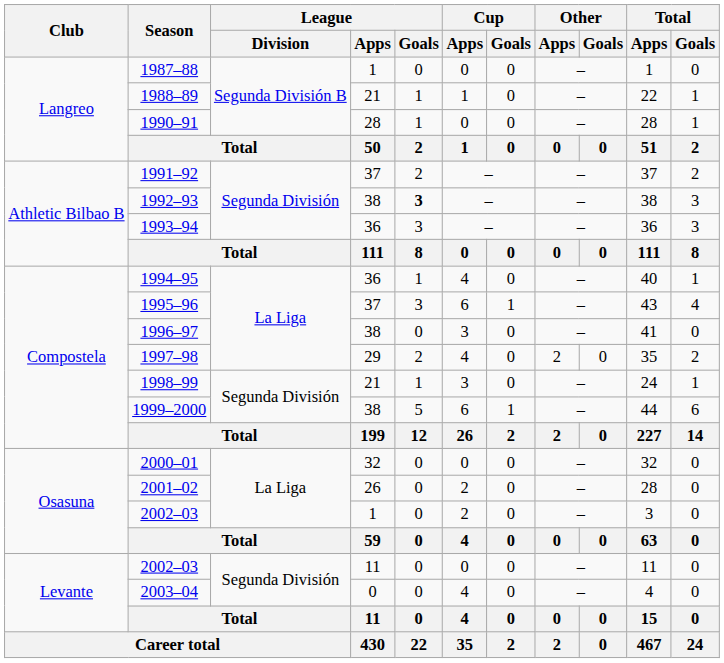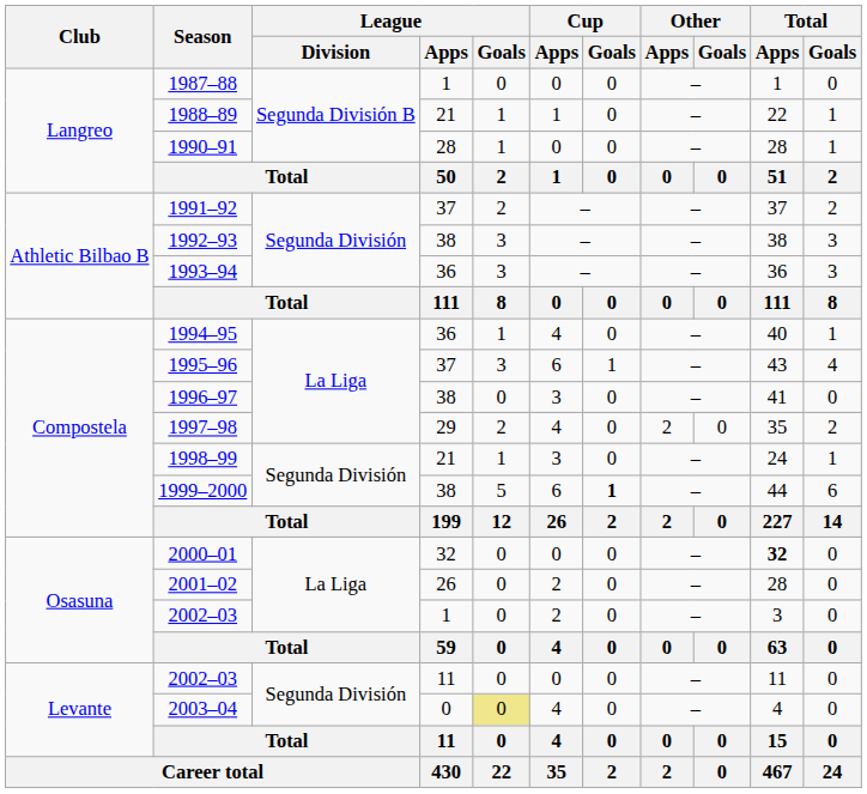 <table class="wikitable" style="text-align:center">
 <tr>
 <th rowspan="2">Club</th>
 <th rowspan="2">Season</th>
 <th colspan="3">League</th>
 <th colspan="2">Cup</th>
 <th colspan="2">Other</th>
 <th colspan="2">Total</th>
 </tr>
 <tr>
 <th>Division</th>
 <th>Apps</th>
 <th>Goals</th>
 <th>Apps</th>
 <th>Goals</th>
 <th>Apps</th>
 <th>Goals</th>
 <th>Apps</th>
 <th>Goals</th>
 </tr>
 <tr>
 <td rowspan="4"><a href='#'>Langreo</a></td>
 <td><a href='#'>1987–88</a></td>
 <td rowspan="3"><a href='#'>Segunda División B</a></td>
 <td>1</td>
 <td>0</td>
 <td>0</td>
 <td>0</td>
 <td colspan="2">–</td>
 <td>1</td>
 <td>0</td>
 </tr>
 <tr>
 <td><a href='#'>1988–89</a></td>
 <td>21</td>
 <td>1</td>
 <td>1</td>
 <td>0</td>
 <td colspan="2">–</td>
 <td>22</td>
 <td>1</td>
 </tr>
 <tr>
 <td><a href='#'>1990–91</a></td>
 <td>28</td>
 <td>1</td>
 <td>0</td>
 <td>0</td>
 <td colspan="2">–</td>
 <td>28</td>
 <td>1</td>
 </tr>
 <tr>
 <th colspan="2">Total</th>
 <th>50</th>
 <th>2</th>
 <th>1</th>
 <th>0</th>
 <th>0</th>
 <th>0</th>
 <th>51</th>
 <th>2</th>
 </tr>
 <tr>
 <td rowspan="4"><a href='#'>Athletic Bilbao B</a></td>
 <td><a href='#'>1991–92</a></td>
 <td rowspan="3"><a href='#'>Segunda División</a></td>
 <td>37</td>
 <td>2</td>
 <td colspan="2">–</td>
 <td colspan="2">–</td>
 <td>37</td>
 <td>2</td>
 </tr>
 <tr>
 <td><a href='#'>1992–93</a></td>
 <td>38</td>
-<td><strong>3</strong></td>
+<td>3</td>
 <td colspan="2">–</td>
 <td colspan="2">–</td>
 <td>38</td>
 <td>3</td>
 </tr>
 <tr>
 <td><a href='#'>1993–94</a></td>
 <td>36</td>
 <td>3</td>
 <td colspan="2">–</td>
 <td colspan="2">–</td>
 <td>36</td>
 <td>3</td>
 </tr>
 <tr>
 <th colspan="2">Total</th>
 <th>111</th>
 <th>8</th>
 <th>0</th>
 <th>0</th>
 <th>0</th>
 <th>0</th>
 <th>111</th>
 <th>8</th>
 </tr>
 <tr>
 <td rowspan="7"><a href='#'>Compostela</a></td>
 <td><a href='#'>1994–95</a></td>
 <td rowspan="4"><a href='#'>La Liga</a></td>
 <td>36</td>
 <td>1</td>
 <td>4</td>
 <td>0</td>
 <td colspan="2">–</td>
 <td>40</td>
 <td>1</td>
 </tr>
 <tr>
 <td><a href='#'>1995–96</a></td>
 <td>37</td>
 <td>3</td>
 <td>6</td>
 <td>1</td>
 <td colspan="2">–</td>
 <td>43</td>
 <td>4</td>
 </tr>
 <tr>
 <td><a href='#'>1996–97</a></td>
 <td>38</td>
 <td>0</td>
 <td>3</td>
 <td>0</td>
 <td colspan="2">–</td>
 <td>41</td>
 <td>0</td>
 </tr>
 <tr>
 <td><a href='#'>1997–98</a></td>
 <td>29</td>
 <td>2</td>
 <td>4</td>
 <td>0</td>
 <td>2</td>
 <td>0</td>
 <td>35</td>
 <td>2</td>
 </tr>
 <tr>
 <td><a href='#'>1998–99</a></td>
 <td rowspan="2">Segunda División</td>
 <td>21</td>
 <td>1</td>
 <td>3</td>
 <td>0</td>
 <td colspan="2">–</td>
 <td>24</td>
 <td>1</td>
 </tr>
 <tr>
 <td><a href='#'>1999–2000</a></td>
 <td>38</td>
 <td>5</td>
 <td>6</td>
-<td>1</td>
+<td><strong>1</strong></td>
 <td colspan="2">–</td>
 <td>44</td>
 <td>6</td>
 </tr>
 <tr>
 <th colspan="2">Total</th>
 <th>199</th>
 <th>12</th>
 <th>26</th>
 <th>2</th>
 <th>2</th>
 <th>0</th>
 <th>227</th>
 <th>14</th>
 </tr>
 <tr>
 <td rowspan="4"><a href='#'>Osasuna</a></td>
 <td><a href='#'>2000–01</a></td>
 <td rowspan="3">La Liga</td>
 <td>32</td>
 <td>0</td>
 <td>0</td>
 <td>0</td>
 <td colspan="2">–</td>
-<td>32</td>
+<td><strong>32</strong></td>
 <td>0</td>
 </tr>
 <tr>
 <td><a href='#'>2001–02</a></td>
 <td>26</td>
 <td>0</td>
 <td>2</td>
 <td>0</td>
 <td colspan="2">–</td>
 <td>28</td>
 <td>0</td>
 </tr>
 <tr>
 <td><a href='#'>2002–03</a></td>
 <td>1</td>
 <td>0</td>
 <td>2</td>
 <td>0</td>
 <td colspan="2">–</td>
 <td>3</td>
 <td>0</td>
 </tr>
 <tr>
 <th colspan="2">Total</th>
 <th>59</th>
 <th>0</th>
 <th>4</th>
 <th>0</th>
 <th>0</th>
 <th>0</th>
 <th>63</th>
 <th>0</th>
 </tr>
 <tr>
 <td rowspan="3"><a href='#'>Levante</a></td>
 <td><a href='#'>2002–03</a></td>
 <td rowspan="2">Segunda División</td>
 <td>11</td>
 <td>0</td>
 <td>0</td>
 <td>0</td>
 <td colspan="2">–</td>
 <td>11</td>
 <td>0</td>
 </tr>
 <tr>
 <td><a href='#'>2003–04</a></td>
 <td>0</td>
-<td>0</td>
+<td style="background: khaki;">0</td>
 <td>4</td>
 <td>0</td>
 <td colspan="2">–</td>
 <td>4</td>
 <td>0</td>
 </tr>
 <tr>
 <th colspan="2">Total</th>
 <th>11</th>
 <th>0</th>
 <th>4</th>
 <th>0</th>
 <th>0</th>
 <th>0</th>
 <th>15</th>
 <th>0</th>
 </tr>
 <tr>
 <th colspan="3">Career total</th>
 <th>430</th>
 <th>22</th>
 <th>35</th>
 <th>2</th>
 <th>2</th>
 <th>0</th>
 <th>467</th>
 <th>24</th>
 </tr>
 </table>
